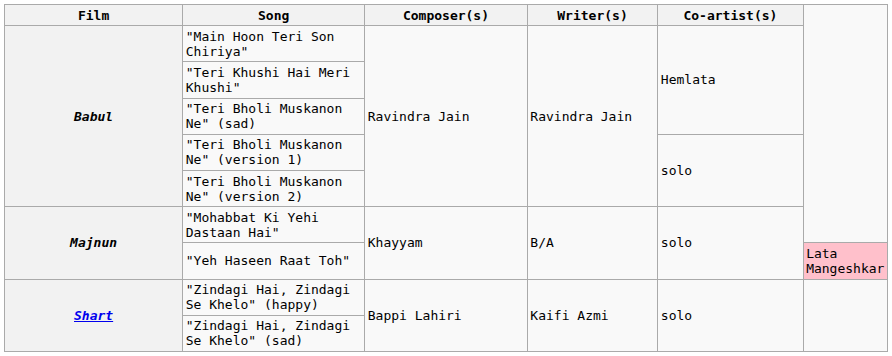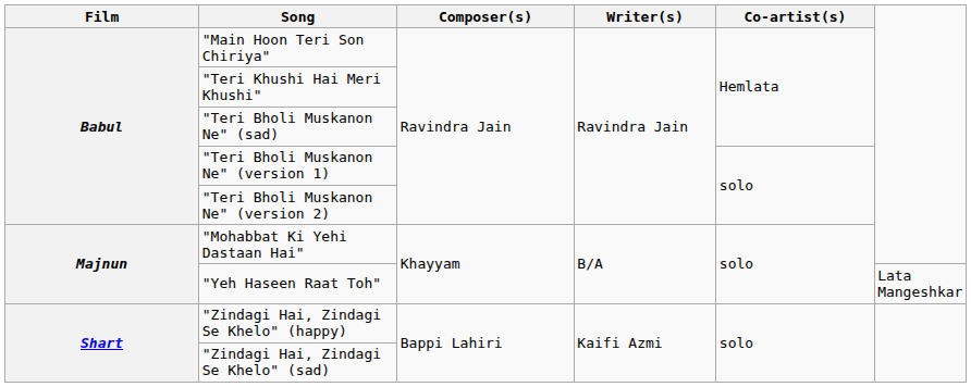 <table class="wikitable plainrowheaders" style="width:100%;" textcolor:#000;">
 <tr style="background:#b0e0e66;">
 <th scope="col" style="width:23%;"><strong>Film</strong></th>
 <th scope="col" style="width:23%;"><strong>Song</strong></th>
 <th scope="col" style="width:20%;"><strong>Composer(s)</strong></th>
 <th scope="col" style="width:16%;"><strong>Writer(s)</strong></th>
 <th scope="col" style="width:18%;"><strong>Co-artist(s)</strong></th>
 </tr>
 <tr>
 <th Rowspan=5><em>Babul</em></th>
 <td>"Main Hoon Teri Son Chiriya"</td>
 <td rowspan=5>Ravindra Jain</td>
 <td Rowspan=5>Ravindra Jain</td>
 <td rowspan=3>Hemlata</td>
 </tr>
 <tr>
 <td>"Teri Khushi Hai Meri Khushi"</td>
 </tr>
 <tr>
 <td>"Teri Bholi Muskanon Ne" (sad)</td>
 </tr>
 <tr>
 <td>"Teri Bholi Muskanon Ne" (version 1)</td>
 <td rowspan=2>solo</td>
 </tr>
 <tr>
 <td>"Teri Bholi Muskanon Ne" (version 2)</td>
 </tr>
 <tr>
 <th Rowspan=2><em>Majnun</em></th>
 <td>"Mohabbat Ki Yehi Dastaan Hai"</td>
 <td rowspan=2>Khayyam</td>
 <td rowspan=2>B/A</td>
 <td rowspan=2>solo</td>
 </tr>
 <tr>
 <td>"Yeh Haseen Raat Toh"</td>
-<td style="background: pink;">Lata Mangeshkar</td>
+<td>Lata Mangeshkar</td>
 </tr>
 <tr>
 <th Rowspan=2><em><a href='#'>Shart</a></em></th>
 <td>"Zindagi Hai, Zindagi Se Khelo" (happy)</td>
 <td Rowspan=2>Bappi Lahiri</td>
 <td rowspan=2>Kaifi Azmi</td>
 <td rowspan=2>solo</td>
 </tr>
 <tr>
 <td>"Zindagi Hai, Zindagi Se Khelo" (sad)</td>
 </tr>
 <tr>
 </tr>
 </table>
